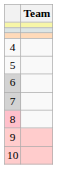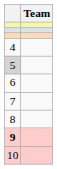 <table class="wikitable" style="text-align:center">
 <tr>
 <th width=15></th>
 <th>Team</th>
 </tr>
 <tr bgcolor="#F7F6A8">
 <td></td>
 <td align=left></td>
 </tr>
 <tr bgcolor="#DCE5E5">
 <td></td>
 <td align=left></td>
 </tr>
 <tr bgcolor="#FFDAB9">
 <td></td>
 <td align=left></td>
 </tr>
 <tr>
 <td>4</td>
 <td align=left></td>
 </tr>
 <tr>
-<td>5</td>
+<td style="background: lightgrey;">5</td>
 <td align=left></td>
 </tr>
 <tr>
-<td style="background: lightgrey;">6</td>
+<td>6</td>
 <td align=left></td>
 </tr>
 <tr>
-<td style="background: lightgrey;">7</td>
+<td>7</td>
 <td align=left></td>
 </tr>
 <tr>
-<td style="background: pink;">8</td>
+<td>8</td>
 <td align=left></td>
 </tr>
 <tr bgcolor="#ffcccc">
-<td>9</td>
+<td><strong>9</strong></td>
 <td align=left></td>
 </tr>
 <tr bgcolor="#ffcccc">
 <td>10</td>
 <td align=left></td>
 </tr>
 </table>
